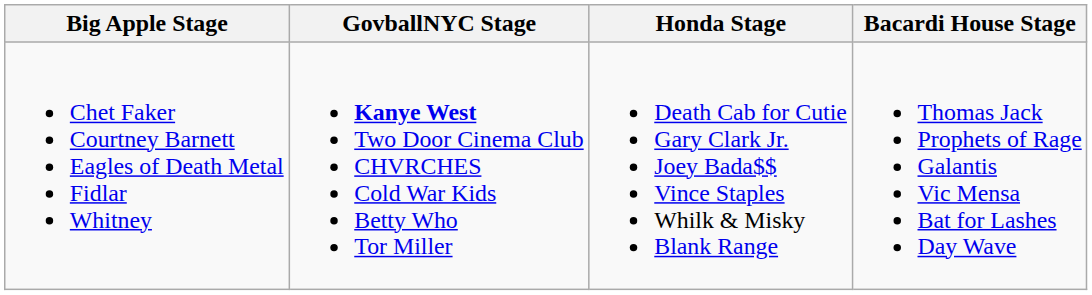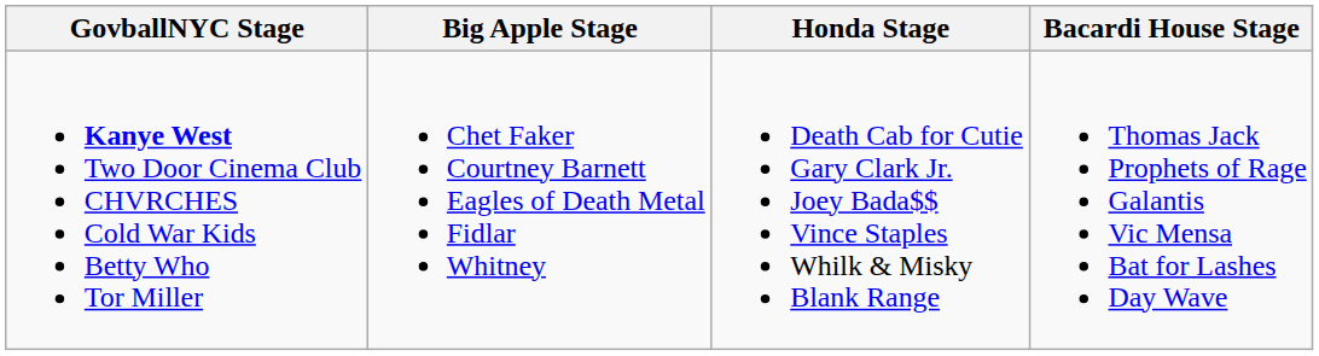 <table class="wikitable">
 <tr>
+<th>GovballNYC Stage</th>
 <th>Big Apple Stage</th>
-<th>GovballNYC Stage</th>
 <th>Honda Stage</th>
 <th>Bacardi House Stage</th>
 </tr>
 <tr valign="top">
+<td><br><ul><li><strong><a href='#'>Kanye West</a></strong></li><li><a href='#'>Two Door Cinema Club</a></li><li><a href='#'>CHVRCHES</a></li><li><a href='#'>Cold War Kids</a></li><li><a href='#'>Betty Who</a></li><li><a href='#'>Tor Miller</a></li></ul></td>
 <td><br><ul><li><a href='#'>Chet Faker</a></li><li><a href='#'>Courtney Barnett</a></li><li><a href='#'>Eagles of Death Metal</a></li><li><a href='#'>Fidlar</a></li><li><a href='#'>Whitney</a></li></ul></td>
-<td><br><ul><li><strong><a href='#'>Kanye West</a></strong></li><li><a href='#'>Two Door Cinema Club</a></li><li><a href='#'>CHVRCHES</a></li><li><a href='#'>Cold War Kids</a></li><li><a href='#'>Betty Who</a></li><li><a href='#'>Tor Miller</a></li></ul></td>
 <td><br><ul><li><a href='#'>Death Cab for Cutie</a></li><li><a href='#'>Gary Clark Jr.</a></li><li><a href='#'>Joey Bada$$</a></li><li><a href='#'>Vince Staples</a></li><li>Whilk & Misky</li><li><a href='#'>Blank Range</a></li></ul></td>
 <td><br><ul><li><a href='#'>Thomas Jack</a></li><li><a href='#'>Prophets of Rage</a></li><li><a href='#'>Galantis</a></li><li><a href='#'>Vic Mensa</a></li><li><a href='#'>Bat for Lashes</a></li><li><a href='#'>Day Wave</a></li></ul></td>
 </tr>
 </table>
